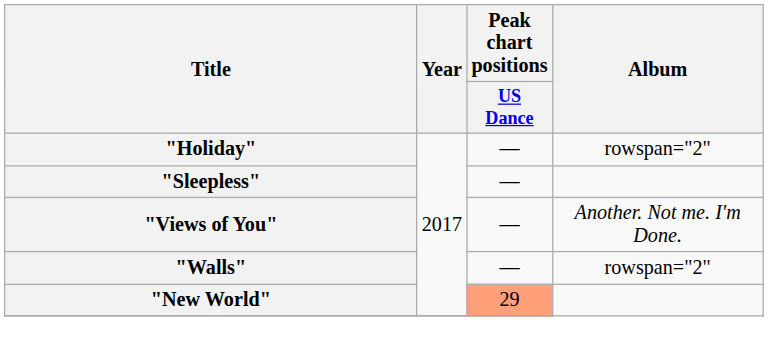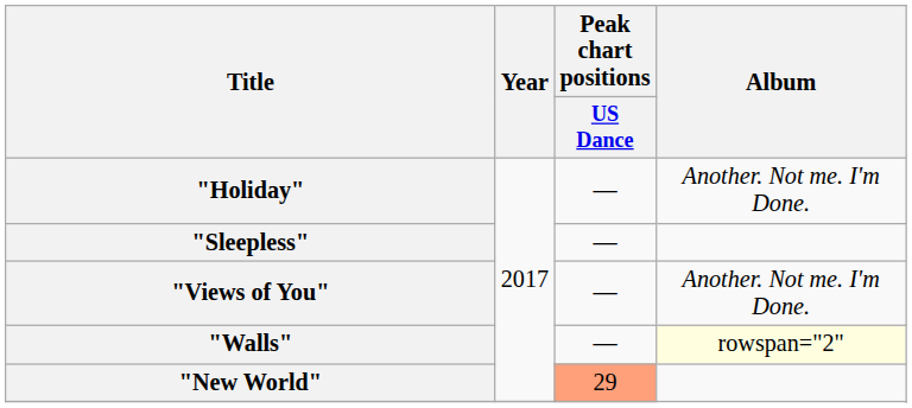 <table class="wikitable plainrowheaders" style="text-align:center;">
 <tr>
 <th scope="col" rowspan="2" style="width:20em;">Title</th>
 <th scope="col" rowspan="2" style="width:1em;">Year</th>
 <th scope="col" colspan="1">Peak chart positions</th>
 <th scope="col" rowspan="2" style="width:10em;">Album</th>
 </tr>
 <tr>
 <th scope="col" style="width:2.9em;font-size:90%;"><a href='#'>US<br>Dance</a></th>
 </tr>
 <tr>
 <th scope="row">"Holiday"<br></th>
 <td rowspan="5">2017</td>
 <td>—</td>
-<td>rowspan="2" </td>
+<td><em>Another. Not me. I'm Done.</em></td>
 </tr>
 <tr>
 <th scope="row">"Sleepless"<br></th>
 <td>—</td>
 </tr>
 <tr>
 <th scope="row">"Views of You"<br></th>
 <td>—</td>
 <td><em>Another. Not me. I'm Done.</em></td>
 </tr>
 <tr>
 <th scope="row">"Walls"<br></th>
 <td>—</td>
-<td>rowspan="2" </td>
+<td style="background: lightyellow;">rowspan="2" </td>
 </tr>
 <tr>
 <th scope="row">"New World"<br></th>
 <td style="background: lightsalmon;">29<br></td>
 </tr>
 <tr>
 </tr>
 </table>
